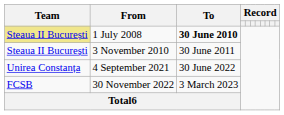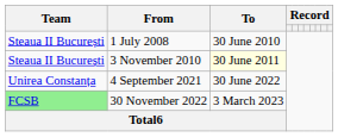 <table class=wikitable style="text-align: center">
 <tr>
 <th rowspan=2>Team</th>
 <th rowspan=2>From</th>
 <th rowspan=2>To</th>
 <th colspan=8>Record</th>
 </tr>
 <tr>
 <th></th>
 <th></th>
 <th></th>
 <th></th>
 <th></th>
 <th></th>
 <th></th>
 <th></th>
 </tr>
 <tr>
-<td align=left style="background: khaki;"> <a href='#'>Steaua II București</a></td>
+<td align=left> <a href='#'>Steaua II București</a></td>
 <td align=left>1 July 2008</td>
-<td align=left><strong>30 June 2010<br></strong></td>
+<td align=left>30 June 2010<br></td>
 </tr>
 <tr>
 <td align=left> <a href='#'>Steaua II București</a></td>
 <td align=left>3 November 2010</td>
-<td align=left>30 June 2011<br></td>
+<td align=left style="background: lightyellow;">30 June 2011<br></td>
 </tr>
 <tr>
 <td align=left> <a href='#'>Unirea Constanța</a></td>
 <td align=left>4 September 2021</td>
 <td align=left>30 June 2022<br></td>
 </tr>
 <tr>
-<td align=left> <a href='#'>FCSB</a></td>
+<td align=left style="background: lightgreen;"> <a href='#'>FCSB</a></td>
 <td align=left>30 November 2022</td>
 <td align=left>3 March 2023<br></td>
 </tr>
 <tr>
 <th colspan=3>Total6<br></th>
 </tr>
 </table>
